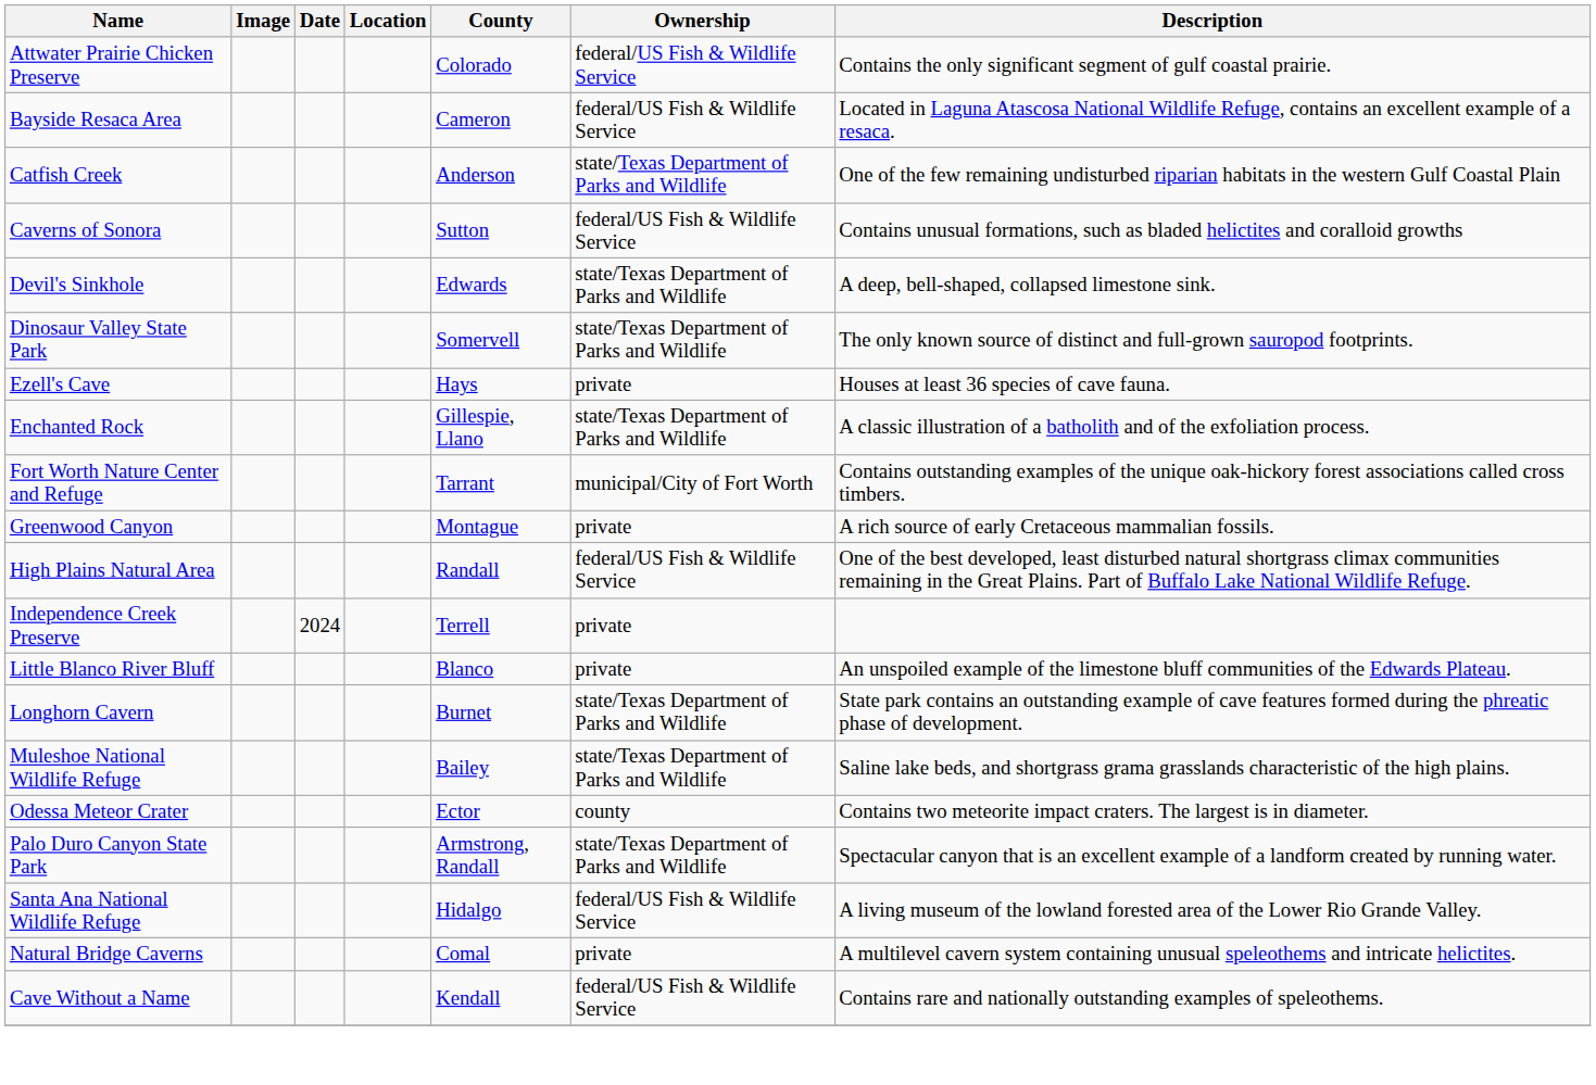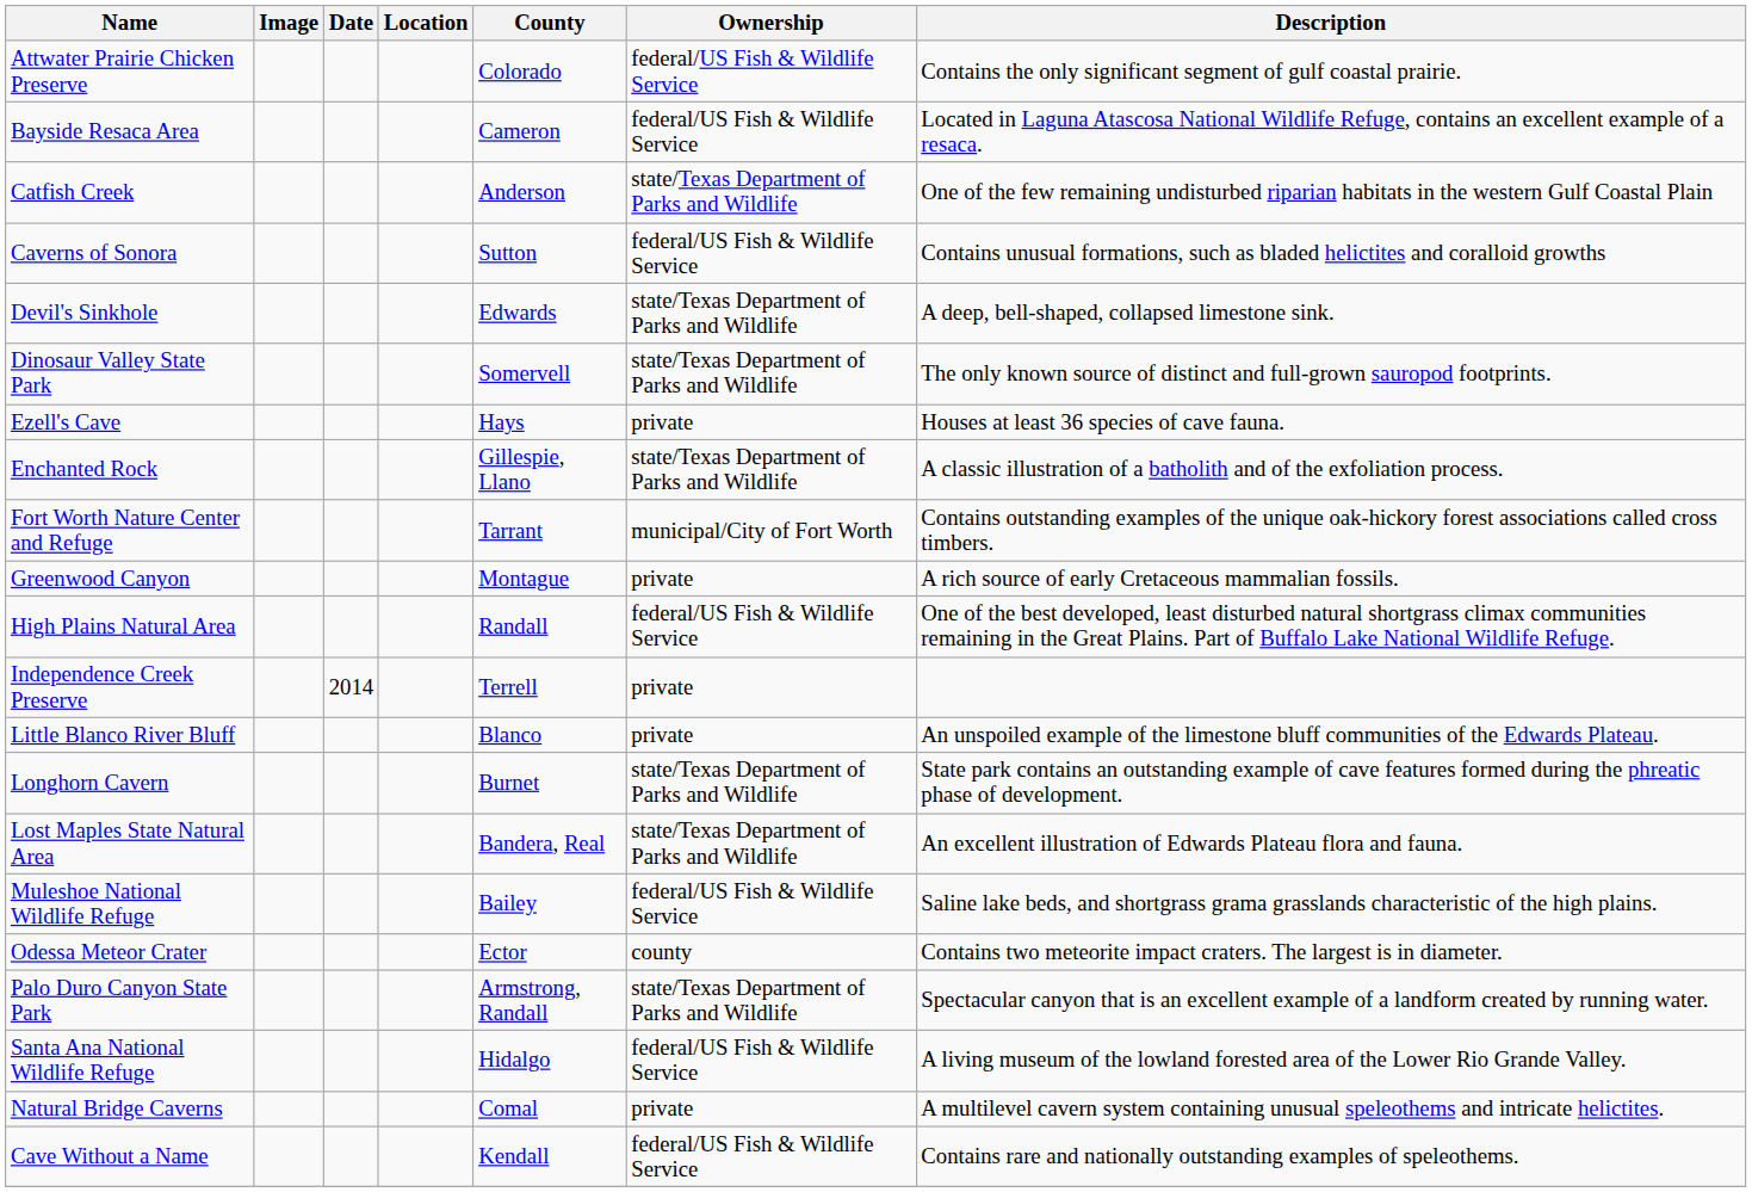 <table class="wikitable sortable" align="center">
 <tr>
 <th style="background-color:">Name</th>
 <th style="background-color:">Image</th>
 <th style="background-color:">Date</th>
 <th style="background-color:">Location</th>
 <th style="background-color:">County</th>
 <th style="background-color:">Ownership</th>
 <th style="background-color:">Description</th>
 </tr>
 <tr>
 <td><a href='#'>Attwater Prairie Chicken Preserve</a></td>
 <td></td>
 <td></td>
 <td></td>
 <td><a href='#'>Colorado</a></td>
 <td>federal/<a href='#'>US Fish & Wildlife Service</a></td>
 <td>Contains the only significant segment of gulf coastal prairie.</td>
 </tr>
 <tr>
 <td><a href='#'>Bayside Resaca Area</a></td>
 <td></td>
 <td></td>
 <td></td>
 <td><a href='#'>Cameron</a></td>
 <td>federal/US Fish & Wildlife Service</td>
 <td>Located in <a href='#'>Laguna Atascosa National Wildlife Refuge</a>, contains an excellent example of a <a href='#'>resaca</a>.</td>
 </tr>
 <tr>
 <td><a href='#'>Catfish Creek</a></td>
 <td></td>
 <td></td>
 <td></td>
 <td><a href='#'>Anderson</a></td>
 <td>state/<a href='#'>Texas Department of Parks and Wildlife</a></td>
 <td>One of the few remaining undisturbed <a href='#'>riparian</a> habitats in the western Gulf Coastal Plain</td>
 </tr>
 <tr>
 <td><a href='#'>Caverns of Sonora</a></td>
 <td></td>
 <td></td>
 <td></td>
 <td><a href='#'>Sutton</a></td>
 <td>federal/US Fish & Wildlife Service</td>
 <td>Contains unusual formations, such as bladed <a href='#'>helictites</a> and coralloid growths</td>
 </tr>
 <tr>
 <td><a href='#'>Devil's Sinkhole</a></td>
 <td></td>
 <td></td>
 <td></td>
 <td><a href='#'>Edwards</a></td>
 <td>state/Texas Department of Parks and Wildlife</td>
 <td>A deep, bell-shaped, collapsed limestone sink.</td>
 </tr>
 <tr>
 <td><a href='#'>Dinosaur Valley State Park</a></td>
 <td></td>
 <td></td>
 <td></td>
 <td><a href='#'>Somervell</a></td>
 <td>state/Texas Department of Parks and Wildlife</td>
 <td>The only known source of distinct and full-grown <a href='#'>sauropod</a> footprints.</td>
 </tr>
 <tr>
 <td><a href='#'>Ezell's Cave</a></td>
 <td></td>
 <td></td>
 <td></td>
 <td><a href='#'>Hays</a></td>
 <td>private</td>
 <td>Houses at least 36 species of cave fauna.</td>
 </tr>
 <tr>
 <td><a href='#'>Enchanted Rock</a></td>
 <td></td>
 <td></td>
 <td></td>
 <td><a href='#'>Gillespie</a>, <a href='#'>Llano</a></td>
 <td>state/Texas Department of Parks and Wildlife</td>
 <td>A classic illustration of a <a href='#'>batholith</a> and of the exfoliation process.</td>
 </tr>
 <tr>
 <td><a href='#'>Fort Worth Nature Center and Refuge</a></td>
 <td></td>
 <td></td>
 <td></td>
 <td><a href='#'>Tarrant</a></td>
 <td>municipal/City of Fort Worth</td>
 <td>Contains outstanding examples of the unique oak-hickory forest associations called cross timbers.</td>
 </tr>
 <tr>
 <td><a href='#'>Greenwood Canyon</a></td>
 <td></td>
 <td></td>
 <td></td>
 <td><a href='#'>Montague</a></td>
 <td>private</td>
 <td>A rich source of early Cretaceous mammalian fossils.</td>
 </tr>
 <tr>
 <td><a href='#'>High Plains Natural Area</a></td>
 <td></td>
 <td></td>
 <td></td>
 <td><a href='#'>Randall</a></td>
 <td>federal/US Fish & Wildlife Service</td>
 <td>One of the best developed, least disturbed natural shortgrass climax communities remaining in the Great Plains. Part of <a href='#'>Buffalo Lake National Wildlife Refuge</a>.</td>
 </tr>
 <tr>
 <td><a href='#'>Independence Creek Preserve</a></td>
 <td></td>
-<td>2024</td>
+<td>2014</td>
 <td></td>
 <td><a href='#'>Terrell</a></td>
 <td>private</td>
 <td></td>
 </tr>
 <tr>
 <td><a href='#'>Little Blanco River Bluff</a></td>
 <td></td>
 <td></td>
 <td></td>
 <td><a href='#'>Blanco</a></td>
 <td>private</td>
 <td>An unspoiled example of the limestone bluff communities of the <a href='#'>Edwards Plateau</a>.</td>
 </tr>
 <tr>
 <td><a href='#'>Longhorn Cavern</a></td>
 <td></td>
 <td></td>
 <td></td>
 <td><a href='#'>Burnet</a></td>
 <td>state/Texas Department of Parks and Wildlife</td>
 <td>State park contains an outstanding example of cave features formed during the <a href='#'>phreatic</a> phase of development.</td>
 </tr>
 <tr>
+<td><a href='#'>Lost Maples State Natural Area</a></td>
+<td></td>
+<td></td>
+<td></td>
+<td><a href='#'>Bandera</a>, <a href='#'>Real</a></td>
+<td>state/Texas Department of Parks and Wildlife</td>
+<td>An excellent illustration of Edwards Plateau flora and fauna.</td>
+</tr>
+<tr>
 <td><a href='#'>Muleshoe National Wildlife Refuge</a></td>
 <td></td>
 <td></td>
 <td></td>
 <td><a href='#'>Bailey</a></td>
-<td>state/Texas Department of Parks and Wildlife</td>
+<td>federal/US Fish & Wildlife Service</td>
 <td>Saline lake beds, and shortgrass grama grasslands characteristic of the high plains.</td>
 </tr>
 <tr>
 <td><a href='#'>Odessa Meteor Crater</a></td>
 <td></td>
 <td></td>
 <td></td>
 <td><a href='#'>Ector</a></td>
 <td>county</td>
 <td>Contains two meteorite impact craters.  The largest is  in diameter.</td>
 </tr>
 <tr>
 <td><a href='#'>Palo Duro Canyon State Park</a></td>
 <td></td>
 <td></td>
 <td></td>
 <td><a href='#'>Armstrong</a>, <a href='#'>Randall</a></td>
 <td>state/Texas Department of Parks and Wildlife</td>
 <td>Spectacular canyon that is an excellent example of a landform created by running water.</td>
 </tr>
 <tr>
 <td><a href='#'>Santa Ana National Wildlife Refuge</a></td>
 <td></td>
 <td></td>
 <td></td>
 <td><a href='#'>Hidalgo</a></td>
 <td>federal/US Fish & Wildlife Service</td>
 <td>A living museum of the lowland forested area of the Lower Rio Grande Valley.</td>
 </tr>
 <tr>
 <td><a href='#'>Natural Bridge Caverns</a></td>
 <td></td>
 <td></td>
 <td></td>
 <td><a href='#'>Comal</a></td>
 <td>private</td>
 <td>A multilevel cavern system containing unusual <a href='#'>speleothems</a> and intricate <a href='#'>helictites</a>.</td>
 </tr>
 <tr>
 <td><a href='#'>Cave Without a Name</a></td>
 <td></td>
 <td></td>
 <td></td>
 <td><a href='#'>Kendall</a></td>
 <td>federal/US Fish & Wildlife Service</td>
 <td>Contains rare and nationally outstanding examples of speleothems.</td>
 </tr>
 <tr>
 </tr>
 </table>
